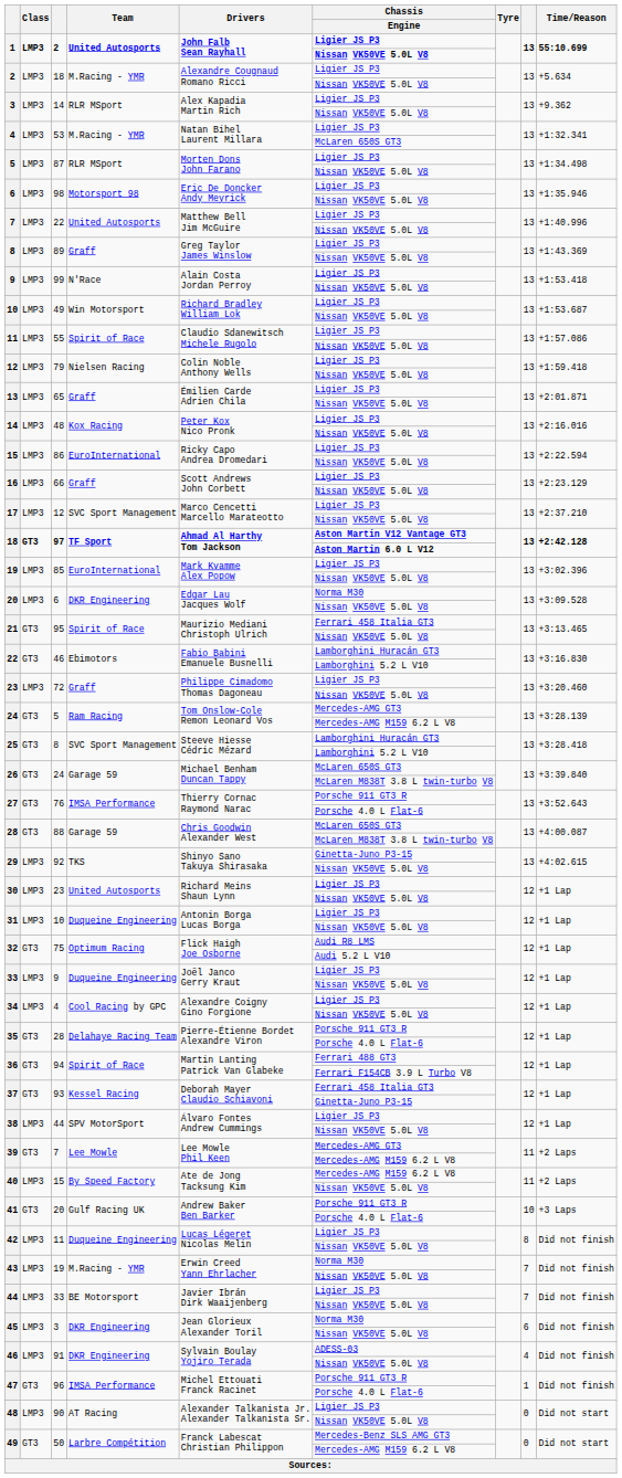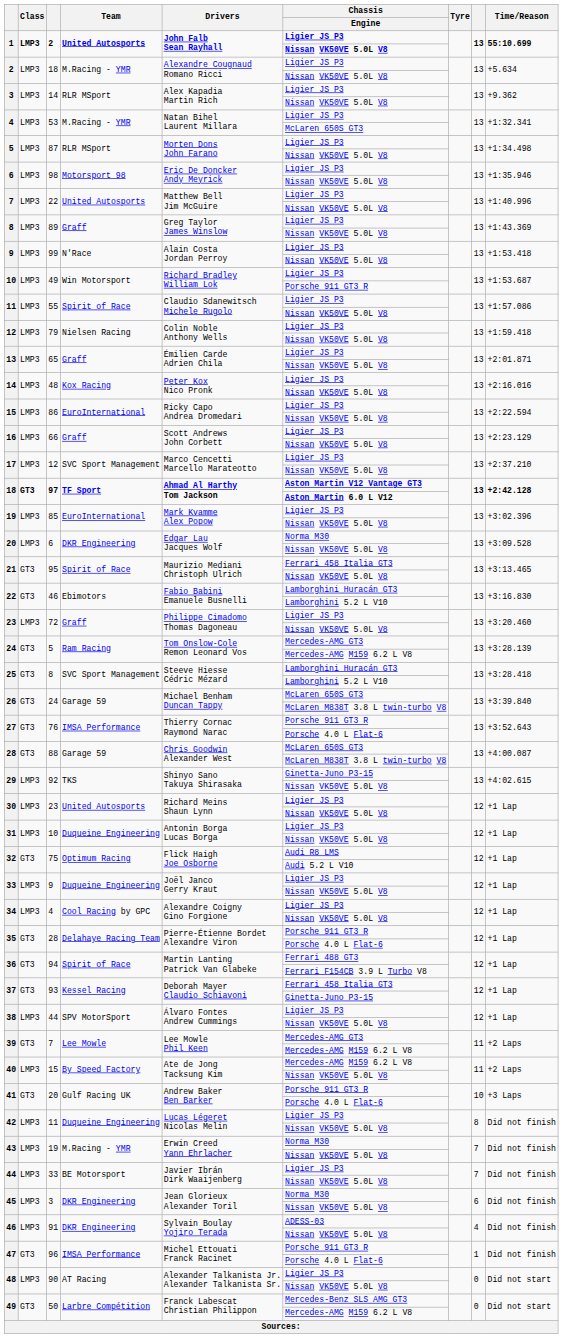 <table class="wikitable" style="font-size: 95%;">
 <tr>
 <th rowspan=2></th>
 <th rowspan=2>Class</th>
 <th rowspan=2></th>
 <th rowspan=2>Team</th>
 <th rowspan=2>Drivers</th>
 <th scope=col>Chassis</th>
 <th rowspan=2>Tyre</th>
 <th rowspan=2></th>
 <th rowspan=2>Time/Reason</th>
 </tr>
 <tr>
 <th scope=col>Engine</th>
 </tr>
 <tr>
 <th rowspan=2>1</th>
 <td rowspan=2><strong>LMP3</strong></td>
 <td rowspan=2><strong>2</strong></td>
 <td rowspan=2><strong> <a href='#'>United Autosports</a></strong></td>
 <td rowspan=2><strong> <a href='#'>John Falb</a><br> <a href='#'>Sean Rayhall</a></strong></td>
 <td><strong><a href='#'>Ligier JS P3</a></strong></td>
 <td rowspan=2></td>
 <td rowspan=2><strong>13</strong></td>
 <td rowspan=2><strong>55:10.699</strong></td>
 </tr>
 <tr>
 <td><strong><a href='#'>Nissan</a> <a href='#'>VK50VE</a> 5.0L <a href='#'>V8</a></strong></td>
 </tr>
 <tr>
 <th rowspan=2>2</th>
 <td rowspan=2>LMP3</td>
 <td rowspan=2>18</td>
 <td rowspan=2> M.Racing - <a href='#'>YMR</a></td>
 <td rowspan=2> <a href='#'>Alexandre Cougnaud</a><br> Romano Ricci</td>
 <td><a href='#'>Ligier JS P3</a></td>
 <td rowspan=2></td>
 <td rowspan=2>13</td>
 <td rowspan=2>+5.634</td>
 </tr>
 <tr>
 <td><a href='#'>Nissan</a> <a href='#'>VK50VE</a> 5.0L <a href='#'>V8</a></td>
 </tr>
 <tr>
 <th rowspan=2>3</th>
 <td rowspan=2>LMP3</td>
 <td rowspan=2>14</td>
 <td rowspan=2> RLR MSport</td>
 <td rowspan=2> Alex Kapadia<br> Martin Rich</td>
 <td><a href='#'>Ligier JS P3</a></td>
 <td rowspan=2></td>
 <td rowspan=2>13</td>
 <td rowspan=2>+9.362</td>
 </tr>
 <tr>
 <td><a href='#'>Nissan</a> <a href='#'>VK50VE</a> 5.0L <a href='#'>V8</a></td>
 </tr>
 <tr>
 <th rowspan=2>4</th>
 <td rowspan=2>LMP3</td>
 <td rowspan=2>53</td>
 <td rowspan=2> M.Racing - <a href='#'>YMR</a></td>
 <td rowspan=2> Natan Bihel<br> Laurent Millara</td>
 <td><a href='#'>Ligier JS P3</a></td>
 <td rowspan=2></td>
 <td rowspan=2>13</td>
 <td rowspan=2>+1:32.341</td>
 </tr>
 <tr>
 <td><a href='#'>McLaren 650S GT3</a></td>
 </tr>
 <tr>
 <th rowspan=2>5</th>
 <td rowspan=2>LMP3</td>
 <td rowspan=2>87</td>
 <td rowspan=2> RLR MSport</td>
 <td rowspan=2> <a href='#'>Morten Dons</a><br> <a href='#'>John Farano</a></td>
 <td><a href='#'>Ligier JS P3</a></td>
 <td rowspan=2></td>
 <td rowspan=2>13</td>
 <td rowspan=2>+1:34.498</td>
 </tr>
 <tr>
 <td><a href='#'>Nissan</a> <a href='#'>VK50VE</a> 5.0L <a href='#'>V8</a></td>
 </tr>
 <tr>
 <th rowspan=2>6</th>
 <td rowspan=2>LMP3</td>
 <td rowspan=2>98</td>
 <td rowspan=2> <a href='#'>Motorsport 98</a></td>
 <td rowspan=2> <a href='#'>Eric De Doncker</a><br> <a href='#'>Andy Meyrick</a></td>
 <td><a href='#'>Ligier JS P3</a></td>
 <td rowspan=2></td>
 <td rowspan=2>13</td>
 <td rowspan=2>+1:35.946</td>
 </tr>
 <tr>
 <td><a href='#'>Nissan</a> <a href='#'>VK50VE</a> 5.0L <a href='#'>V8</a></td>
 </tr>
 <tr>
 <th rowspan=2>7</th>
 <td rowspan=2>LMP3</td>
 <td rowspan=2>22</td>
 <td rowspan=2> <a href='#'>United Autosports</a></td>
 <td rowspan=2> Matthew Bell<br> Jim McGuire</td>
 <td><a href='#'>Ligier JS P3</a></td>
 <td rowspan=2></td>
 <td rowspan=2>13</td>
 <td rowspan=2>+1:40.996</td>
 </tr>
 <tr>
 <td><a href='#'>Nissan</a> <a href='#'>VK50VE</a> 5.0L <a href='#'>V8</a></td>
 </tr>
 <tr>
 <th rowspan=2>8</th>
 <td rowspan=2>LMP3</td>
 <td rowspan=2>89</td>
 <td rowspan=2> <a href='#'>Graff</a></td>
 <td rowspan=2> Greg Taylor<br> <a href='#'>James Winslow</a></td>
 <td><a href='#'>Ligier JS P3</a></td>
 <td rowspan=2></td>
 <td rowspan=2>13</td>
 <td rowspan=2>+1:43.369</td>
 </tr>
 <tr>
 <td><a href='#'>Nissan</a> <a href='#'>VK50VE</a> 5.0L <a href='#'>V8</a></td>
 </tr>
 <tr>
 <th rowspan=2>9</th>
 <td rowspan=2>LMP3</td>
 <td rowspan=2>99</td>
 <td rowspan=2> N'Race</td>
 <td rowspan=2> Alain Costa<br> Jordan Perroy</td>
 <td><a href='#'>Ligier JS P3</a></td>
 <td rowspan=2></td>
 <td rowspan=2>13</td>
 <td rowspan=2>+1:53.418</td>
 </tr>
 <tr>
 <td><a href='#'>Nissan</a> <a href='#'>VK50VE</a> 5.0L <a href='#'>V8</a></td>
 </tr>
 <tr>
 <th rowspan=2>10</th>
 <td rowspan=2>LMP3</td>
 <td rowspan=2>49</td>
 <td rowspan=2> Win Motorsport</td>
 <td rowspan=2> <a href='#'>Richard Bradley</a><br> <a href='#'>William Lok</a></td>
 <td><a href='#'>Ligier JS P3</a></td>
 <td rowspan=2></td>
 <td rowspan=2>13</td>
 <td rowspan=2>+1:53.687</td>
 </tr>
 <tr>
-<td><a href='#'>Nissan</a> <a href='#'>VK50VE</a> 5.0L <a href='#'>V8</a></td>
+<td><a href='#'>Porsche 911 GT3 R</a></td>
 </tr>
 <tr>
 <th rowspan=2>11</th>
 <td rowspan=2>LMP3</td>
 <td rowspan=2>55</td>
 <td rowspan=2> <a href='#'>Spirit of Race</a></td>
 <td rowspan=2> Claudio Sdanewitsch<br> <a href='#'>Michele Rugolo</a></td>
 <td><a href='#'>Ligier JS P3</a></td>
 <td rowspan=2></td>
 <td rowspan=2>13</td>
 <td rowspan=2>+1:57.086</td>
 </tr>
 <tr>
 <td><a href='#'>Nissan</a> <a href='#'>VK50VE</a> 5.0L <a href='#'>V8</a></td>
 </tr>
 <tr>
 <th rowspan=2>12</th>
 <td rowspan=2>LMP3</td>
 <td rowspan=2>79</td>
 <td rowspan=2> Nielsen Racing</td>
 <td rowspan=2> Colin Noble<br> Anthony Wells</td>
 <td><a href='#'>Ligier JS P3</a></td>
 <td rowspan=2></td>
 <td rowspan=2>13</td>
 <td rowspan=2>+1:59.418</td>
 </tr>
 <tr>
 <td><a href='#'>Nissan</a> <a href='#'>VK50VE</a> 5.0L <a href='#'>V8</a></td>
 </tr>
 <tr>
 <th rowspan=2>13</th>
 <td rowspan=2>LMP3</td>
 <td rowspan=2>65</td>
 <td rowspan=2> <a href='#'>Graff</a></td>
 <td rowspan=2> Émilien Carde<br> Adrien Chila</td>
 <td><a href='#'>Ligier JS P3</a></td>
 <td rowspan=2></td>
 <td rowspan=2>13</td>
 <td rowspan=2>+2:01.871</td>
 </tr>
 <tr>
 <td><a href='#'>Nissan</a> <a href='#'>VK50VE</a> 5.0L <a href='#'>V8</a></td>
 </tr>
 <tr>
 <th rowspan=2>14</th>
 <td rowspan=2>LMP3</td>
 <td rowspan=2>48</td>
 <td rowspan=2> <a href='#'>Kox Racing</a></td>
 <td rowspan=2> <a href='#'>Peter Kox</a><br> Nico Pronk</td>
 <td><a href='#'>Ligier JS P3</a></td>
 <td rowspan=2></td>
 <td rowspan=2>13</td>
 <td rowspan=2>+2:16.016</td>
 </tr>
 <tr>
 <td><a href='#'>Nissan</a> <a href='#'>VK50VE</a> 5.0L <a href='#'>V8</a></td>
 </tr>
 <tr>
 <th rowspan=2>15</th>
 <td rowspan=2>LMP3</td>
 <td rowspan=2>86</td>
 <td rowspan=2> <a href='#'>EuroInternational</a></td>
 <td rowspan=2> Ricky Capo<br> Andrea Dromedari</td>
 <td><a href='#'>Ligier JS P3</a></td>
 <td rowspan=2></td>
 <td rowspan=2>13</td>
 <td rowspan=2>+2:22.594</td>
 </tr>
 <tr>
 <td><a href='#'>Nissan</a> <a href='#'>VK50VE</a> 5.0L <a href='#'>V8</a></td>
 </tr>
 <tr>
 <th rowspan=2>16</th>
 <td rowspan=2>LMP3</td>
 <td rowspan=2>66</td>
 <td rowspan=2> <a href='#'>Graff</a></td>
 <td rowspan=2> Scott Andrews<br> John Corbett</td>
 <td><a href='#'>Ligier JS P3</a></td>
 <td rowspan=2></td>
 <td rowspan=2>13</td>
 <td rowspan=2>+2:23.129</td>
 </tr>
 <tr>
 <td><a href='#'>Nissan</a> <a href='#'>VK50VE</a> 5.0L <a href='#'>V8</a></td>
 </tr>
 <tr>
 <th rowspan=2>17</th>
 <td rowspan=2>LMP3</td>
 <td rowspan=2>12</td>
 <td rowspan=2> SVC Sport Management</td>
 <td rowspan=2> Marco Cencetti<br> Marcello Marateotto</td>
 <td><a href='#'>Ligier JS P3</a></td>
 <td rowspan=2></td>
 <td rowspan=2>13</td>
 <td rowspan=2>+2:37.210</td>
 </tr>
 <tr>
 <td><a href='#'>Nissan</a> <a href='#'>VK50VE</a> 5.0L <a href='#'>V8</a></td>
 </tr>
 <tr>
 <th rowspan=2>18</th>
 <td rowspan=2><strong>GT3</strong></td>
 <td rowspan=2><strong>97</strong></td>
 <td rowspan=2><strong> <a href='#'>TF Sport</a></strong></td>
 <td rowspan=2><strong> <a href='#'>Ahmad Al Harthy</a><br> Tom Jackson</strong></td>
 <td><a href='#'><strong>Aston Martin V12 Vantage GT3</strong></a></td>
 <td rowspan=2></td>
 <td rowspan=2><strong>13</strong></td>
 <td rowspan=2><strong>+2:42.128</strong></td>
 </tr>
 <tr>
 <td><strong><a href='#'>Aston Martin</a> 6.0 L V12</strong></td>
 </tr>
 <tr>
 <th rowspan=2>19</th>
 <td rowspan=2>LMP3</td>
 <td rowspan=2>85</td>
 <td rowspan=2> <a href='#'>EuroInternational</a></td>
 <td rowspan=2> <a href='#'>Mark Kvamme</a><br> <a href='#'>Alex Popow</a></td>
 <td><a href='#'>Ligier JS P3</a></td>
 <td rowspan=2></td>
 <td rowspan=2>13</td>
 <td rowspan=2>+3:02.396</td>
 </tr>
 <tr>
 <td><a href='#'>Nissan</a> <a href='#'>VK50VE</a> 5.0L <a href='#'>V8</a></td>
 </tr>
 <tr>
 <th rowspan=2>20</th>
 <td rowspan=2>LMP3</td>
 <td rowspan=2>6</td>
 <td rowspan=2> <a href='#'>DKR Engineering</a></td>
 <td rowspan=2> <a href='#'>Edgar Lau</a><br> Jacques Wolf</td>
 <td><a href='#'>Norma M30</a></td>
 <td rowspan=2></td>
 <td rowspan=2>13</td>
 <td rowspan=2>+3:09.528</td>
 </tr>
 <tr>
 <td><a href='#'>Nissan</a> <a href='#'>VK50VE</a> 5.0L <a href='#'>V8</a></td>
 </tr>
 <tr>
 <th rowspan=2>21</th>
 <td rowspan=2>GT3</td>
 <td rowspan=2>95</td>
 <td rowspan=2> <a href='#'>Spirit of Race</a></td>
 <td rowspan=2> Maurizio Mediani<br> Christoph Ulrich</td>
 <td><a href='#'>Ferrari 458 Italia GT3</a></td>
 <td rowspan=2></td>
 <td rowspan=2>13</td>
 <td rowspan=2>+3:13.465</td>
 </tr>
 <tr>
 <td><a href='#'>Nissan</a> <a href='#'>VK50VE</a> 5.0L <a href='#'>V8</a></td>
 </tr>
 <tr>
 <th rowspan=2>22</th>
 <td rowspan=2>GT3</td>
 <td rowspan=2>46</td>
 <td rowspan=2> Ebimotors</td>
 <td rowspan=2> <a href='#'>Fabio Babini</a><br> Emanuele Busnelli</td>
 <td><a href='#'>Lamborghini Huracán GT3</a></td>
 <td rowspan=2></td>
 <td rowspan=2>13</td>
 <td rowspan=2>+3:16.830</td>
 </tr>
 <tr>
 <td><a href='#'>Lamborghini</a> 5.2 L V10</td>
 </tr>
 <tr>
 <th rowspan=2>23</th>
 <td rowspan=2>LMP3</td>
 <td rowspan=2>72</td>
 <td rowspan=2> <a href='#'>Graff</a></td>
 <td rowspan=2> <a href='#'>Philippe Cimadomo</a><br> Thomas Dagoneau</td>
 <td><a href='#'>Ligier JS P3</a></td>
 <td rowspan=2></td>
 <td rowspan=2>13</td>
 <td rowspan=2>+3:20.460</td>
 </tr>
 <tr>
 <td><a href='#'>Nissan</a> <a href='#'>VK50VE</a> 5.0L <a href='#'>V8</a></td>
 </tr>
 <tr>
 <th rowspan=2>24</th>
 <td rowspan=2>GT3</td>
 <td rowspan=2>5</td>
 <td rowspan=2> <a href='#'>Ram Racing</a></td>
 <td rowspan=2> <a href='#'>Tom Onslow-Cole</a><br> Remon Leonard Vos</td>
 <td><a href='#'>Mercedes-AMG GT3</a></td>
 <td rowspan=2></td>
 <td rowspan=2>13</td>
 <td rowspan=2>+3:28.139</td>
 </tr>
 <tr>
 <td><a href='#'>Mercedes-AMG</a> <a href='#'>M159</a> 6.2 L V8</td>
 </tr>
 <tr>
 <th rowspan=2>25</th>
 <td rowspan=2>GT3</td>
 <td rowspan=2>8</td>
 <td rowspan=2> SVC Sport Management</td>
 <td rowspan=2> Steeve Hiesse<br> Cédric Mézard</td>
 <td><a href='#'>Lamborghini Huracán GT3</a></td>
 <td rowspan=2></td>
 <td rowspan=2>13</td>
 <td rowspan=2>+3:28.418</td>
 </tr>
 <tr>
 <td><a href='#'>Lamborghini</a> 5.2 L V10</td>
 </tr>
 <tr>
 <th rowspan=2>26</th>
 <td rowspan=2>GT3</td>
 <td rowspan=2>24</td>
 <td rowspan=2> Garage 59</td>
 <td rowspan=2> Michael Benham<br> <a href='#'>Duncan Tappy</a></td>
 <td><a href='#'>McLaren 650S GT3</a></td>
 <td rowspan=2></td>
 <td rowspan=2>13</td>
 <td rowspan=2>+3:39.840</td>
 </tr>
 <tr>
 <td><a href='#'>McLaren M838T</a> 3.8 L <a href='#'>twin-turbo</a> <a href='#'>V8</a></td>
 </tr>
 <tr>
 <th rowspan=2>27</th>
 <td rowspan=2>GT3</td>
 <td rowspan=2>76</td>
 <td rowspan=2> <a href='#'>IMSA Performance</a></td>
 <td rowspan=2> Thierry Cornac<br> Raymond Narac</td>
 <td><a href='#'>Porsche 911 GT3 R</a></td>
 <td rowspan=2></td>
 <td rowspan=2>13</td>
 <td rowspan=2>+3:52.643</td>
 </tr>
 <tr>
 <td><a href='#'>Porsche</a> 4.0 L <a href='#'>Flat-6</a></td>
 </tr>
 <tr>
 <th rowspan=2>28</th>
 <td rowspan=2>GT3</td>
 <td rowspan=2>88</td>
 <td rowspan=2> Garage 59</td>
 <td rowspan=2> <a href='#'>Chris Goodwin</a><br> Alexander West</td>
 <td><a href='#'>McLaren 650S GT3</a></td>
 <td rowspan=2></td>
 <td rowspan=2>13</td>
 <td rowspan=2>+4:00.087</td>
 </tr>
 <tr>
 <td><a href='#'>McLaren M838T</a> 3.8 L <a href='#'>twin-turbo</a> <a href='#'>V8</a></td>
 </tr>
 <tr>
 <th rowspan=2>29</th>
 <td rowspan=2>LMP3</td>
 <td rowspan=2>92</td>
 <td rowspan=2> TKS</td>
 <td rowspan=2> Shinyo Sano<br> Takuya Shirasaka</td>
 <td><a href='#'>Ginetta-Juno P3-15</a></td>
 <td rowspan=2></td>
 <td rowspan=2>13</td>
 <td rowspan=2>+4:02.615</td>
 </tr>
 <tr>
 <td><a href='#'>Nissan</a> <a href='#'>VK50VE</a> 5.0L <a href='#'>V8</a></td>
 </tr>
 <tr>
 <th rowspan=2>30</th>
 <td rowspan=2>LMP3</td>
 <td rowspan=2>23</td>
 <td rowspan=2> <a href='#'>United Autosports</a></td>
 <td rowspan=2> Richard Meins<br> Shaun Lynn</td>
 <td><a href='#'>Ligier JS P3</a></td>
 <td rowspan=2></td>
 <td rowspan=2>12</td>
 <td rowspan=2>+1 Lap</td>
 </tr>
 <tr>
 <td><a href='#'>Nissan</a> <a href='#'>VK50VE</a> 5.0L <a href='#'>V8</a></td>
 </tr>
 <tr>
 <th rowspan=2>31</th>
 <td rowspan=2>LMP3</td>
 <td rowspan=2>10</td>
 <td rowspan=2> <a href='#'>Duqueine Engineering</a></td>
 <td rowspan=2> Antonin Borga<br> Lucas Borga</td>
 <td><a href='#'>Ligier JS P3</a></td>
 <td rowspan=2></td>
 <td rowspan=2>12</td>
 <td rowspan=2>+1 Lap</td>
 </tr>
 <tr>
 <td><a href='#'>Nissan</a> <a href='#'>VK50VE</a> 5.0L <a href='#'>V8</a></td>
 </tr>
 <tr>
 <th rowspan=2>32</th>
 <td rowspan=2>GT3</td>
 <td rowspan=2>75</td>
 <td rowspan=2> <a href='#'>Optimum Racing</a></td>
 <td rowspan=2> Flick Haigh<br> <a href='#'>Joe Osborne</a></td>
 <td><a href='#'>Audi R8 LMS</a></td>
 <td rowspan=2></td>
 <td rowspan=2>12</td>
 <td rowspan=2>+1 Lap</td>
 </tr>
 <tr>
 <td><a href='#'>Audi</a> 5.2 L V10</td>
 </tr>
 <tr>
 <th rowspan=2>33</th>
 <td rowspan=2>LMP3</td>
 <td rowspan=2>9</td>
 <td rowspan=2> <a href='#'>Duqueine Engineering</a></td>
 <td rowspan=2> Joël Janco<br> Gerry Kraut</td>
 <td><a href='#'>Ligier JS P3</a></td>
 <td rowspan=2></td>
 <td rowspan=2>12</td>
 <td rowspan=2>+1 Lap</td>
 </tr>
 <tr>
 <td><a href='#'>Nissan</a> <a href='#'>VK50VE</a> 5.0L <a href='#'>V8</a></td>
 </tr>
 <tr>
 <th rowspan=2>34</th>
 <td rowspan=2>LMP3</td>
 <td rowspan=2>4</td>
 <td rowspan=2> <a href='#'>Cool Racing</a> by GPC</td>
 <td rowspan=2> Alexandre Coigny<br> Gino Forgione</td>
 <td><a href='#'>Ligier JS P3</a></td>
 <td rowspan=2></td>
 <td rowspan=2>12</td>
 <td rowspan=2>+1 Lap</td>
 </tr>
 <tr>
 <td><a href='#'>Nissan</a> <a href='#'>VK50VE</a> 5.0L <a href='#'>V8</a></td>
 </tr>
 <tr>
 <th rowspan=2>35</th>
 <td rowspan=2>GT3</td>
 <td rowspan=2>28</td>
 <td rowspan=2> <a href='#'>Delahaye Racing Team</a></td>
 <td rowspan=2> Pierre-Étienne Bordet<br> Alexandre Viron</td>
 <td><a href='#'>Porsche 911 GT3 R</a></td>
 <td rowspan=2></td>
 <td rowspan=2>12</td>
 <td rowspan=2>+1 Lap</td>
 </tr>
 <tr>
 <td><a href='#'>Porsche</a> 4.0 L <a href='#'>Flat-6</a></td>
 </tr>
 <tr>
 <th rowspan=2>36</th>
 <td rowspan=2>GT3</td>
 <td rowspan=2>94</td>
 <td rowspan=2> <a href='#'>Spirit of Race</a></td>
 <td rowspan=2> Martin Lanting<br> Patrick Van Glabeke</td>
 <td><a href='#'>Ferrari 488 GT3</a></td>
 <td rowspan=2></td>
 <td rowspan=2>12</td>
 <td rowspan=2>+1 Lap</td>
 </tr>
 <tr>
 <td><a href='#'>Ferrari F154CB</a> 3.9 L <a href='#'>Turbo</a> V8</td>
 </tr>
 <tr>
 <th rowspan=2>37</th>
 <td rowspan=2>GT3</td>
 <td rowspan=2>93</td>
 <td rowspan=2> <a href='#'>Kessel Racing</a></td>
 <td rowspan=2> Deborah Mayer<br> <a href='#'>Claudio Schiavoni</a></td>
 <td><a href='#'>Ferrari 458 Italia GT3</a></td>
 <td rowspan=2></td>
 <td rowspan=2>12</td>
 <td rowspan=2>+1 Lap</td>
 </tr>
 <tr>
 <td><a href='#'>Ginetta-Juno P3-15</a></td>
 </tr>
 <tr>
 <th rowspan=2>38</th>
 <td rowspan=2>LMP3</td>
 <td rowspan=2>44</td>
 <td rowspan=2> SPV MotorSport</td>
 <td rowspan=2> Álvaro Fontes<br> Andrew Cummings</td>
 <td><a href='#'>Ligier JS P3</a></td>
 <td rowspan=2></td>
 <td rowspan=2>12</td>
 <td rowspan=2>+1 Lap</td>
 </tr>
 <tr>
 <td><a href='#'>Nissan</a> <a href='#'>VK50VE</a> 5.0L <a href='#'>V8</a></td>
 </tr>
 <tr>
 <th rowspan=2>39</th>
 <td rowspan=2>GT3</td>
 <td rowspan=2>7</td>
 <td rowspan=2> <a href='#'>Lee Mowle</a></td>
 <td rowspan=2> Lee Mowle<br> <a href='#'>Phil Keen</a></td>
 <td><a href='#'>Mercedes-AMG GT3</a></td>
 <td rowspan=2></td>
 <td rowspan=2>11</td>
 <td rowspan=2>+2 Laps</td>
 </tr>
 <tr>
 <td><a href='#'>Mercedes-AMG</a> <a href='#'>M159</a> 6.2 L V8</td>
 </tr>
 <tr>
 <th rowspan=2>40</th>
 <td rowspan=2>LMP3</td>
 <td rowspan=2>15</td>
 <td rowspan=2> <a href='#'>By Speed Factory</a></td>
 <td rowspan=2> Ate de Jong<br> Tacksung Kim</td>
 <td><a href='#'>Mercedes-AMG</a> <a href='#'>M159</a> 6.2 L V8</td>
 <td rowspan=2></td>
 <td rowspan=2>11</td>
 <td rowspan=2>+2 Laps</td>
 </tr>
 <tr>
 <td><a href='#'>Nissan</a> <a href='#'>VK50VE</a> 5.0L <a href='#'>V8</a></td>
 </tr>
 <tr>
 <th rowspan=2>41</th>
 <td rowspan=2>GT3</td>
 <td rowspan=2>20</td>
 <td rowspan=2> Gulf Racing UK</td>
 <td rowspan=2> Andrew Baker<br> <a href='#'>Ben Barker</a></td>
 <td><a href='#'>Porsche 911 GT3 R</a></td>
 <td rowspan=2></td>
 <td rowspan=2>10</td>
 <td rowspan=2>+3 Laps</td>
 </tr>
 <tr>
 <td><a href='#'>Porsche</a> 4.0 L <a href='#'>Flat-6</a></td>
 </tr>
 <tr>
 <th rowspan=2>42</th>
 <td rowspan=2>LMP3</td>
 <td rowspan=2>11</td>
 <td rowspan=2> <a href='#'>Duqueine Engineering</a></td>
 <td rowspan=2> <a href='#'>Lucas Légeret</a><br> Nicolas Melin</td>
 <td><a href='#'>Ligier JS P3</a></td>
 <td rowspan=2></td>
 <td rowspan=2>8</td>
 <td rowspan=2>Did not finish</td>
 </tr>
 <tr>
 <td><a href='#'>Nissan</a> <a href='#'>VK50VE</a> 5.0L <a href='#'>V8</a></td>
 </tr>
 <tr>
 <th rowspan=2>43</th>
 <td rowspan=2>LMP3</td>
 <td rowspan=2>19</td>
 <td rowspan=2> M.Racing - <a href='#'>YMR</a></td>
 <td rowspan=2> Erwin Creed<br> <a href='#'>Yann Ehrlacher</a></td>
 <td><a href='#'>Norma M30</a></td>
 <td rowspan=2></td>
 <td rowspan=2>7</td>
 <td rowspan=2>Did not finish</td>
 </tr>
 <tr>
 <td><a href='#'>Nissan</a> <a href='#'>VK50VE</a> 5.0L <a href='#'>V8</a></td>
 </tr>
 <tr>
 <th rowspan=2>44</th>
 <td rowspan=2>LMP3</td>
 <td rowspan=2>33</td>
 <td rowspan=2> BE Motorsport</td>
 <td rowspan=2> Javier Ibrán<br> Dirk Waaijenberg</td>
 <td><a href='#'>Ligier JS P3</a></td>
 <td rowspan=2></td>
 <td rowspan=2>7</td>
 <td rowspan=2>Did not finish</td>
 </tr>
 <tr>
 <td><a href='#'>Nissan</a> <a href='#'>VK50VE</a> 5.0L <a href='#'>V8</a></td>
 </tr>
 <tr>
 <th rowspan=2>45</th>
 <td rowspan=2>LMP3</td>
 <td rowspan=2>3</td>
 <td rowspan=2> <a href='#'>DKR Engineering</a></td>
 <td rowspan=2> Jean Glorieux<br> Alexander Toril</td>
 <td><a href='#'>Norma M30</a></td>
 <td rowspan=2></td>
 <td rowspan=2>6</td>
 <td rowspan=2>Did not finish</td>
 </tr>
 <tr>
 <td><a href='#'>Nissan</a> <a href='#'>VK50VE</a> 5.0L <a href='#'>V8</a></td>
 </tr>
 <tr>
 <th rowspan=2>46</th>
 <td rowspan=2>LMP3</td>
 <td rowspan=2>91</td>
 <td rowspan=2> <a href='#'>DKR Engineering</a></td>
 <td rowspan=2> Sylvain Boulay<br> <a href='#'>Yojiro Terada</a></td>
 <td><a href='#'>ADESS-03</a></td>
 <td rowspan=2></td>
 <td rowspan=2>4</td>
 <td rowspan=2>Did not finish</td>
 </tr>
 <tr>
 <td><a href='#'>Nissan</a> <a href='#'>VK50VE</a> 5.0L <a href='#'>V8</a></td>
 </tr>
 <tr>
 <th rowspan=2>47</th>
 <td rowspan=2>GT3</td>
 <td rowspan=2>96</td>
 <td rowspan=2> <a href='#'>IMSA Performance</a></td>
 <td rowspan=2> Michel Ettouati<br> Franck Racinet</td>
 <td><a href='#'>Porsche 911 GT3 R</a></td>
 <td rowspan=2></td>
 <td rowspan=2>1</td>
 <td rowspan=2>Did not finish</td>
 </tr>
 <tr>
 <td><a href='#'>Porsche</a> 4.0 L <a href='#'>Flat-6</a></td>
 </tr>
 <tr>
 <th rowspan="2">48</th>
 <td rowspan="2">LMP3</td>
 <td rowspan="2">90</td>
 <td rowspan="2"> AT Racing</td>
 <td rowspan="2"> Alexander Talkanista Jr.<br> Alexander Talkanista Sr.</td>
 <td><a href='#'>Ligier JS P3</a></td>
 <td rowspan="2"></td>
 <td rowspan="2">0</td>
 <td rowspan="2">Did not start</td>
 </tr>
 <tr>
 <td><a href='#'>Nissan</a> <a href='#'>VK50VE</a> 5.0L <a href='#'>V8</a></td>
 </tr>
 <tr>
 <th rowspan="2">49</th>
 <td rowspan="2">GT3</td>
 <td rowspan="2">50</td>
 <td rowspan="2"> <a href='#'>Larbre Compétition</a></td>
 <td rowspan="2"> Franck Labescat<br> Christian Philippon</td>
 <td><a href='#'>Mercedes-Benz SLS AMG GT3</a></td>
 <td rowspan="2"></td>
 <td rowspan="2">0</td>
 <td rowspan="2">Did not start</td>
 </tr>
 <tr>
 <td><a href='#'>Mercedes-AMG</a> <a href='#'>M159</a> 6.2 L V8</td>
 </tr>
 <tr>
 <th colspan="9">Sources:</th>
 </tr>
 </table>
